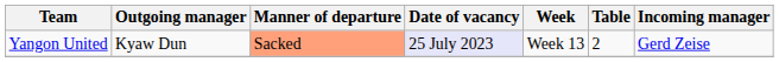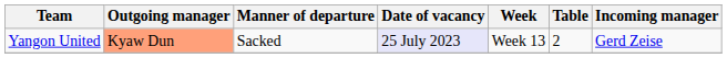 <table class="wikitable">
 <tr>
 <th>Team</th>
 <th>Outgoing manager</th>
 <th>Manner of departure</th>
 <th>Date of vacancy</th>
 <th>Week</th>
 <th>Table</th>
 <th>Incoming manager</th>
 </tr>
 <tr>
 <td><a href='#'>Yangon United</a></td>
-<td> Kyaw Dun</td>
-<td style="background: lightsalmon;">Sacked</td>
+<td style="background: lightsalmon;"> Kyaw Dun</td>
+<td>Sacked</td>
 <td style="background: lavender;">25 July 2023</td>
 <td>Week 13</td>
 <td>2</td>
 <td> <a href='#'>Gerd Zeise</a></td>
 </tr>
 <tr>
 </tr>
 </table>
